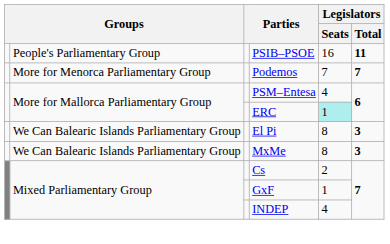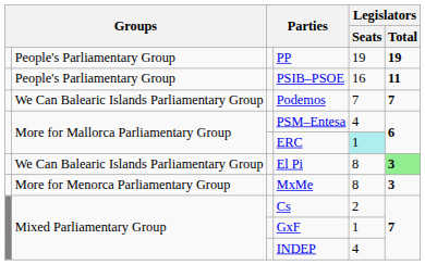 <table class="wikitable" style="text-align:left;">
 <tr>
 <th rowspan="2" colspan="2">Groups</th>
 <th rowspan="2" colspan="2">Parties</th>
 <th colspan="2">Legislators</th>
 </tr>
 <tr>
 <th>Seats</th>
 <th>Total</th>
 </tr>
 <tr>
+<td width="1" style="color:inherit;background:"></td>
+<td>People's Parliamentary Group</td>
+<td width="1" style="color:inherit;background:"></td>
+<td><a href='#'>PP</a></td>
+<td>19</td>
+<td><strong>19</strong></td>
+</tr>
+<tr>
 <td style="color:inherit;background:"></td>
 <td>People's Parliamentary Group</td>
 <td style="color:inherit;background:"></td>
 <td><a href='#'>PSIB–PSOE</a></td>
 <td>16</td>
 <td><strong>11</strong></td>
 </tr>
 <tr>
 <td style="color:inherit;background:"></td>
-<td>More for Menorca Parliamentary Group</td>
+<td>We Can Balearic Islands Parliamentary Group</td>
 <td style="color:inherit;background:"></td>
 <td><a href='#'>Podemos</a></td>
 <td>7</td>
 <td><strong>7</strong></td>
 </tr>
 <tr>
 <td rowspan="2" style="color:inherit;background:"></td>
 <td rowspan="2">More for Mallorca Parliamentary Group</td>
 <td style="color:inherit;background:"></td>
 <td><a href='#'>PSM–Entesa</a></td>
 <td>4</td>
 <td rowspan="2"><strong>6</strong></td>
 </tr>
 <tr>
 <td style="color:inherit;background:"></td>
 <td><a href='#'>ERC</a></td>
 <td style="background: paleturquoise;">1</td>
 </tr>
 <tr>
 <td style="color:inherit;background:"></td>
 <td>We Can Balearic Islands Parliamentary Group</td>
 <td style="color:inherit;background:"></td>
 <td><a href='#'>El Pi</a></td>
 <td>8</td>
-<td><strong>3</strong></td>
+<td style="background: lightgreen;"><strong>3</strong></td>
 </tr>
 <tr>
 <td style="color:inherit;background:"></td>
-<td>We Can Balearic Islands Parliamentary Group</td>
+<td>More for Menorca Parliamentary Group</td>
 <td style="color:inherit;background:"></td>
 <td><a href='#'>MxMe</a></td>
 <td>8</td>
 <td><strong>3</strong></td>
 </tr>
 <tr>
 <td rowspan="3" bgcolor="gray"></td>
 <td rowspan="3">Mixed Parliamentary Group</td>
 <td style="color:inherit;background:"></td>
 <td><a href='#'>Cs</a></td>
 <td>2</td>
 <td rowspan="3"><strong>7</strong></td>
 </tr>
 <tr>
 <td style="color:inherit;background:"></td>
 <td><a href='#'>GxF</a></td>
 <td>1</td>
 </tr>
 <tr>
 <td style="color:inherit;background:"></td>
 <td><a href='#'>INDEP</a></td>
 <td>4</td>
 </tr>
 </table>
